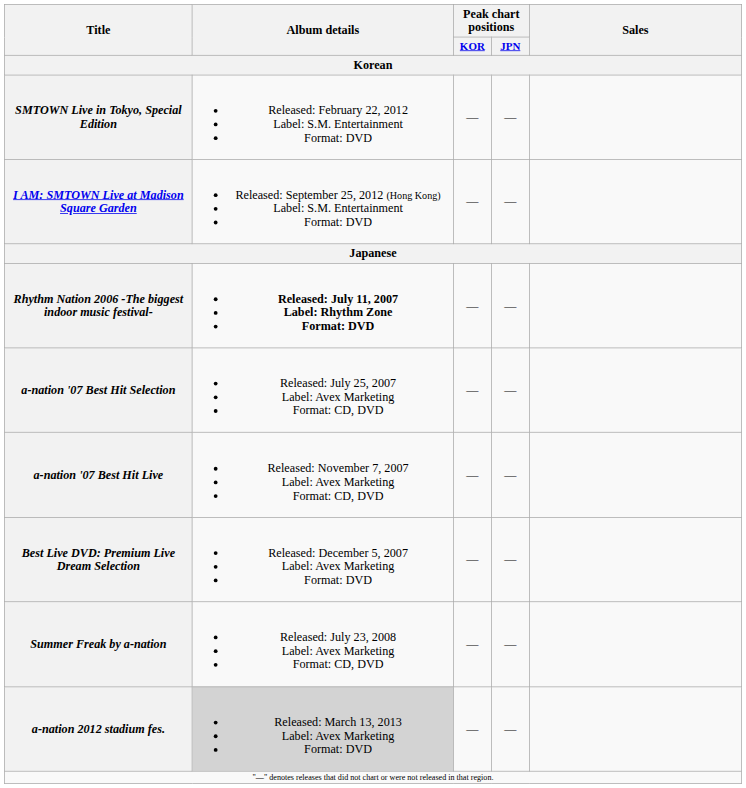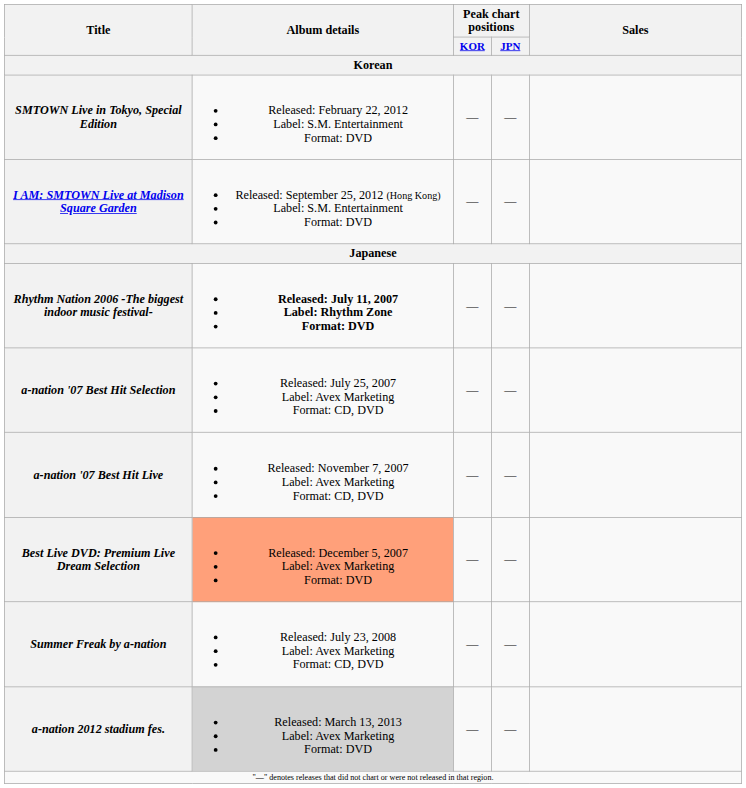 <table class="wikitable plainrowheaders" style="text-align:center;">
 <tr>
 <th scope="col" rowspan="2" style="width:15em;">Title</th>
 <th scope="col" rowspan="2" style="width:21em;">Album details</th>
 <th scope="col" colspan="2">Peak chart positions</th>
 <th scope="col" rowspan="2" style="width:17em;">Sales</th>
 </tr>
 <tr>
 <th scope="col" style="width:3em;font-size:90%;"><a href='#'>KOR</a><br></th>
 <th scope="col" style="width:3em;font-size:90%;"><a href='#'>JPN</a><br></th>
 </tr>
 <tr>
 <th colspan="8">Korean</th>
 </tr>
 <tr>
 <th scope="row"><em>SMTOWN Live in Tokyo, Special Edition</em></th>
 <td><br><ul><li>Released: February 22, 2012</li><li>Label: S.M. Entertainment</li><li>Format: DVD</li></ul></td>
 <td style="text-align:center;">—</td>
 <td style="text-align:center;">—</td>
 <td></td>
 </tr>
 <tr>
 <th scope="row"><em><a href='#'>I AM: SMTOWN Live at Madison Square Garden</a></em></th>
 <td><br><ul><li>Released: September 25, 2012 <small>(Hong Kong)</small></li><li>Label: S.M. Entertainment</li><li>Format: DVD</li></ul></td>
 <td style="text-align:center;">—</td>
 <td style="text-align:center;">—</td>
 <td></td>
 </tr>
 <tr>
 <th colspan="8">Japanese</th>
 </tr>
 <tr>
 <th scope="row"><em>Rhythm Nation 2006 -The biggest indoor music festival-</em></th>
 <td><strong><br><ul><li>Released: July 11, 2007</li><li>Label: Rhythm Zone</li><li>Format: DVD</li></ul></strong></td>
 <td style="text-align:center;">—</td>
 <td style="text-align:center;">—</td>
 <td></td>
 </tr>
 <tr>
 <th scope="row"><em>a-nation '07 Best Hit Selection</em></th>
 <td><br><ul><li>Released: July 25, 2007</li><li>Label: Avex Marketing</li><li>Format: CD, DVD</li></ul></td>
 <td style="text-align:center;">—</td>
 <td style="text-align:center;">—</td>
 <td></td>
 </tr>
 <tr>
 <th scope="row"><em>a-nation '07 Best Hit Live</em></th>
 <td><br><ul><li>Released: November 7, 2007</li><li>Label: Avex Marketing</li><li>Format: CD, DVD</li></ul></td>
 <td style="text-align:center;">—</td>
 <td style="text-align:center;">—</td>
 <td></td>
 </tr>
 <tr>
 <th scope="row"><em>Best Live DVD: Premium Live Dream Selection</em></th>
-<td><br><ul><li>Released: December 5, 2007</li><li>Label: Avex Marketing</li><li>Format: DVD</li></ul></td>
+<td style="background: lightsalmon;"><br><ul><li>Released: December 5, 2007</li><li>Label: Avex Marketing</li><li>Format: DVD</li></ul></td>
 <td style="text-align:center;">—</td>
 <td style="text-align:center;">—</td>
 <td></td>
 </tr>
 <tr>
 <th scope="row"><em>Summer Freak by a-nation</em></th>
 <td><br><ul><li>Released: July 23, 2008</li><li>Label: Avex Marketing</li><li>Format: CD, DVD</li></ul></td>
 <td style="text-align:center;">—</td>
 <td style="text-align:center;">—</td>
 <td></td>
 </tr>
 <tr>
 <th scope="row"><em>a-nation 2012 stadium fes.</em></th>
 <td style="background: lightgrey;"><br><ul><li>Released: March 13, 2013</li><li>Label: Avex Marketing</li><li>Format: DVD</li></ul></td>
 <td style="text-align:center;">—</td>
 <td style="text-align:center;">—</td>
 <td></td>
 </tr>
 <tr>
 <td align="center" colspan="14" style="font-size:8pt">"—" denotes releases that did not chart or were not released in that region.</td>
 </tr>
 </table>
